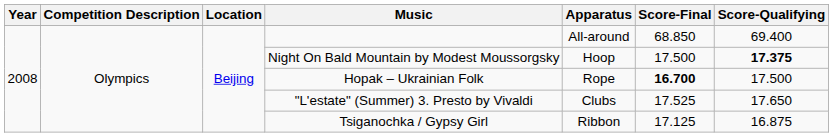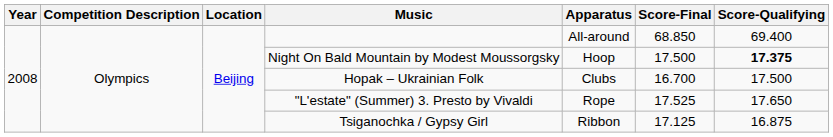 <table class="wikitable" style="text-align:center">
 <tr>
 <th>Year</th>
 <th>Competition Description</th>
 <th>Location</th>
 <th>Music</th>
 <th>Apparatus</th>
 <th>Score-Final</th>
 <th>Score-Qualifying</th>
 </tr>
 <tr>
 <td rowspan="5">2008</td>
 <td rowspan="5">Olympics</td>
 <td rowspan="5"><a href='#'>Beijing</a></td>
 <td></td>
 <td>All-around</td>
 <td>68.850</td>
 <td>69.400</td>
 </tr>
 <tr>
 <td>Night On Bald Mountain by Modest Moussorgsky</td>
 <td>Hoop</td>
 <td>17.500</td>
 <td><strong>17.375</strong></td>
 </tr>
 <tr>
 <td>Hopak – Ukrainian Folk</td>
-<td>Rope</td>
-<td><strong>16.700</strong></td>
+<td>Clubs</td>
+<td>16.700</td>
 <td>17.500</td>
 </tr>
 <tr>
 <td>"L'estate" (Summer) 3. Presto by Vivaldi</td>
-<td>Clubs</td>
+<td>Rope</td>
 <td>17.525</td>
 <td>17.650</td>
 </tr>
 <tr>
 <td>Tsiganochka / Gypsy Girl</td>
 <td>Ribbon</td>
 <td>17.125</td>
 <td>16.875</td>
 </tr>
 </table>
